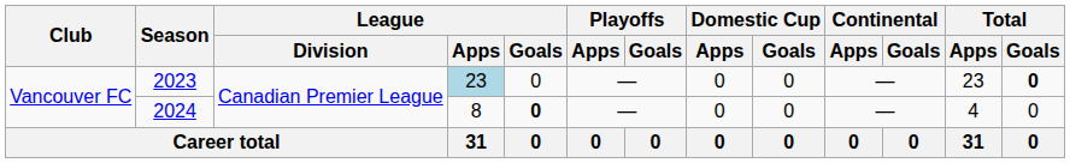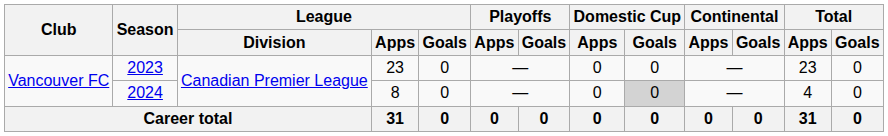 <table class="wikitable" style="text-align: center">
 <tr>
 <th rowspan="2">Club</th>
 <th rowspan="2">Season</th>
 <th colspan="3">League</th>
 <th colspan="2">Playoffs</th>
 <th colspan="2">Domestic Cup</th>
 <th colspan="2">Continental</th>
 <th colspan="2">Total</th>
 </tr>
 <tr>
 <th>Division</th>
 <th>Apps</th>
 <th>Goals</th>
 <th>Apps</th>
 <th>Goals</th>
 <th>Apps</th>
 <th>Goals</th>
 <th>Apps</th>
 <th>Goals</th>
 <th>Apps</th>
 <th>Goals</th>
 </tr>
 <tr>
 <td rowspan=2><a href='#'>Vancouver FC</a></td>
 <td><a href='#'>2023</a></td>
 <td rowspan=2><a href='#'>Canadian Premier League</a></td>
-<td style="background: lightblue;">23</td>
+<td>23</td>
 <td>0</td>
 <td colspan="2">—</td>
 <td>0</td>
 <td>0</td>
 <td colspan="2">—</td>
 <td>23</td>
-<td><strong>0</strong></td>
+<td>0</td>
 </tr>
 <tr>
 <td><a href='#'>2024</a></td>
 <td>8</td>
-<td><strong>0</strong></td>
+<td>0</td>
 <td colspan="2">—</td>
 <td>0</td>
-<td>0</td>
+<td style="background: lightgrey;">0</td>
 <td colspan="2">—</td>
 <td>4</td>
 <td>0</td>
 </tr>
 <tr>
 <th colspan="3"><strong>Career total</strong></th>
 <th>31</th>
 <th>0</th>
 <th>0</th>
 <th>0</th>
 <th>0</th>
 <th>0</th>
 <th>0</th>
 <th>0</th>
 <th>31</th>
 <th>0</th>
 </tr>
 </table>
